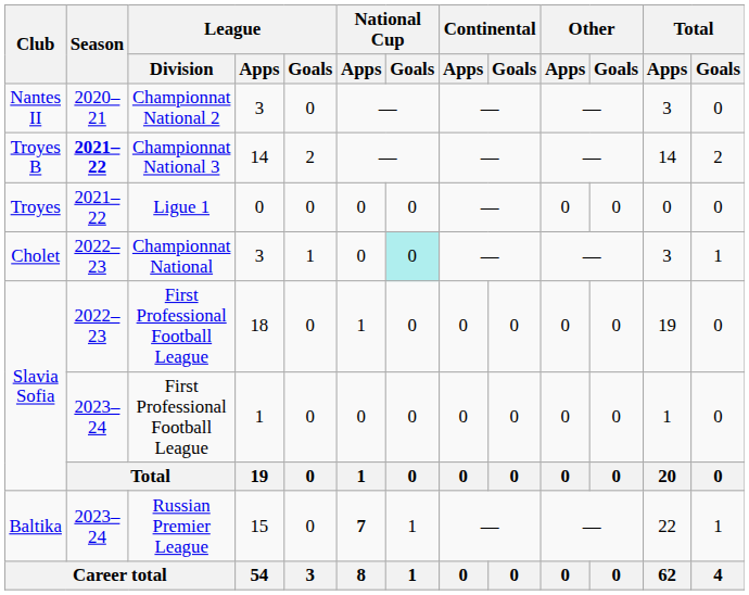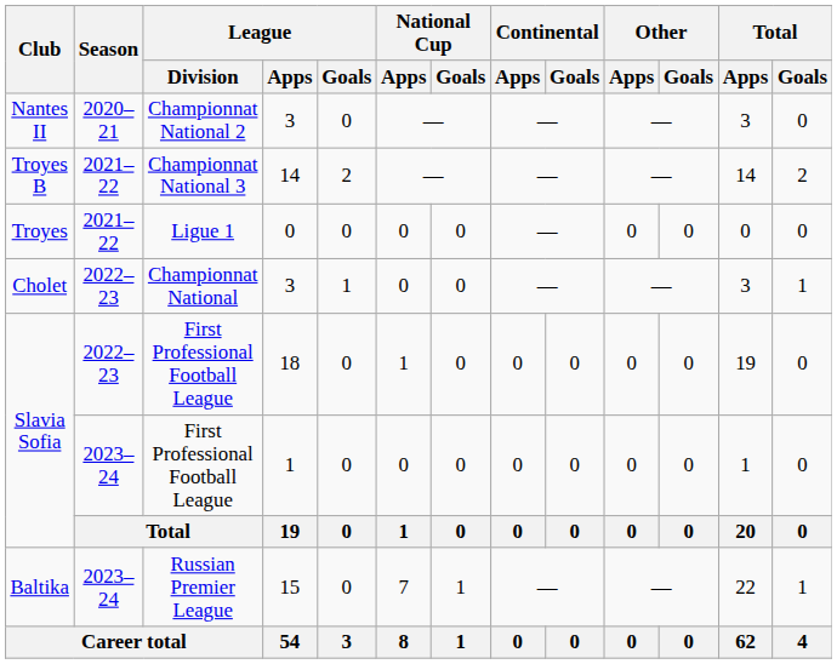 <table class="wikitable" style="text-align:center">
 <tr>
 <th rowspan="2">Club</th>
 <th rowspan="2">Season</th>
 <th colspan="3">League</th>
 <th colspan="2">National Cup</th>
 <th colspan="2">Continental</th>
 <th colspan="2">Other</th>
 <th colspan="2">Total</th>
 </tr>
 <tr>
 <th>Division</th>
 <th>Apps</th>
 <th>Goals</th>
 <th>Apps</th>
 <th>Goals</th>
 <th>Apps</th>
 <th>Goals</th>
 <th>Apps</th>
 <th>Goals</th>
 <th>Apps</th>
 <th>Goals</th>
 </tr>
 <tr>
 <td><a href='#'>Nantes II</a></td>
 <td><a href='#'>2020–21</a></td>
 <td><a href='#'>Championnat National 2</a></td>
 <td>3</td>
 <td>0</td>
 <td colspan="2">—</td>
 <td colspan="2">—</td>
 <td colspan="2">—</td>
 <td>3</td>
 <td>0</td>
 </tr>
 <tr>
 <td><a href='#'>Troyes B</a></td>
-<td><strong><a href='#'>2021–22</a></strong></td>
+<td><a href='#'>2021–22</a></td>
 <td><a href='#'>Championnat National 3</a></td>
 <td>14</td>
 <td>2</td>
 <td colspan="2">—</td>
 <td colspan="2">—</td>
 <td colspan="2">—</td>
 <td>14</td>
 <td>2</td>
 </tr>
 <tr>
 <td><a href='#'>Troyes</a></td>
 <td><a href='#'>2021–22</a></td>
 <td><a href='#'>Ligue 1</a></td>
 <td>0</td>
 <td>0</td>
 <td>0</td>
 <td>0</td>
 <td colspan="2">—</td>
 <td>0</td>
 <td>0</td>
 <td>0</td>
 <td>0</td>
 </tr>
 <tr>
 <td><a href='#'>Cholet</a></td>
 <td><a href='#'>2022–23</a></td>
 <td><a href='#'>Championnat National</a></td>
 <td>3</td>
 <td>1</td>
 <td>0</td>
-<td style="background: paleturquoise;">0</td>
+<td>0</td>
 <td colspan="2">—</td>
 <td colspan="2">—</td>
 <td>3</td>
 <td>1</td>
 </tr>
 <tr>
 <td rowspan="3"><a href='#'>Slavia Sofia</a></td>
 <td><a href='#'>2022–23</a></td>
 <td><a href='#'>First Professional Football League</a></td>
 <td>18</td>
 <td>0</td>
 <td>1</td>
 <td>0</td>
 <td>0</td>
 <td>0</td>
 <td>0</td>
 <td>0</td>
 <td>19</td>
 <td>0</td>
 </tr>
 <tr>
 <td><a href='#'>2023–24</a></td>
 <td>First Professional Football League</td>
 <td>1</td>
 <td>0</td>
 <td>0</td>
 <td>0</td>
 <td>0</td>
 <td>0</td>
 <td>0</td>
 <td>0</td>
 <td>1</td>
 <td>0</td>
 </tr>
 <tr>
 <th colspan="2">Total</th>
 <th>19</th>
 <th>0</th>
 <th>1</th>
 <th>0</th>
 <th>0</th>
 <th>0</th>
 <th>0</th>
 <th>0</th>
 <th>20</th>
 <th>0</th>
 </tr>
 <tr>
 <td><a href='#'>Baltika</a></td>
 <td><a href='#'>2023–24</a></td>
 <td><a href='#'>Russian Premier League</a></td>
 <td>15</td>
 <td>0</td>
-<td><strong>7</strong></td>
+<td>7</td>
 <td>1</td>
 <td colspan="2">—</td>
 <td colspan="2">—</td>
 <td>22</td>
 <td>1</td>
 </tr>
 <tr>
 <th colspan="3">Career total</th>
 <th>54</th>
 <th>3</th>
 <th>8</th>
 <th>1</th>
 <th>0</th>
 <th>0</th>
 <th>0</th>
 <th>0</th>
 <th>62</th>
 <th>4</th>
 </tr>
 </table>
